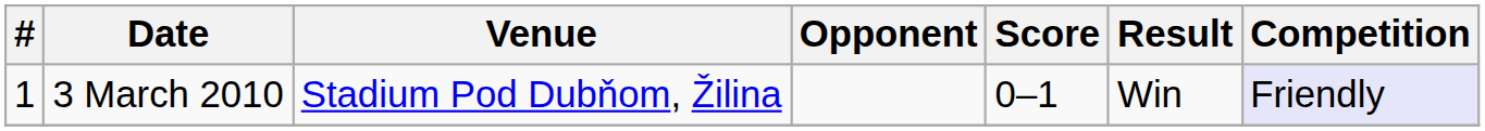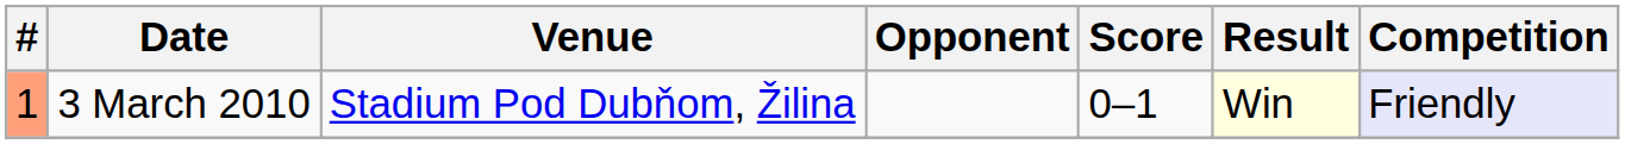 <table class="wikitable">
 <tr>
 <th>#</th>
 <th>Date</th>
 <th>Venue</th>
 <th>Opponent</th>
 <th>Score</th>
 <th>Result</th>
 <th>Competition</th>
 </tr>
 <tr>
-<td>1</td>
+<td style="background: lightsalmon;">1</td>
 <td>3 March 2010</td>
 <td><a href='#'>Stadium Pod Dubňom</a>, <a href='#'>Žilina</a></td>
 <td></td>
 <td>0–1</td>
-<td>Win</td>
+<td style="background: lightyellow;">Win</td>
 <td style="background: lavender;">Friendly</td>
 </tr>
 <tr>
 </tr>
 </table>
